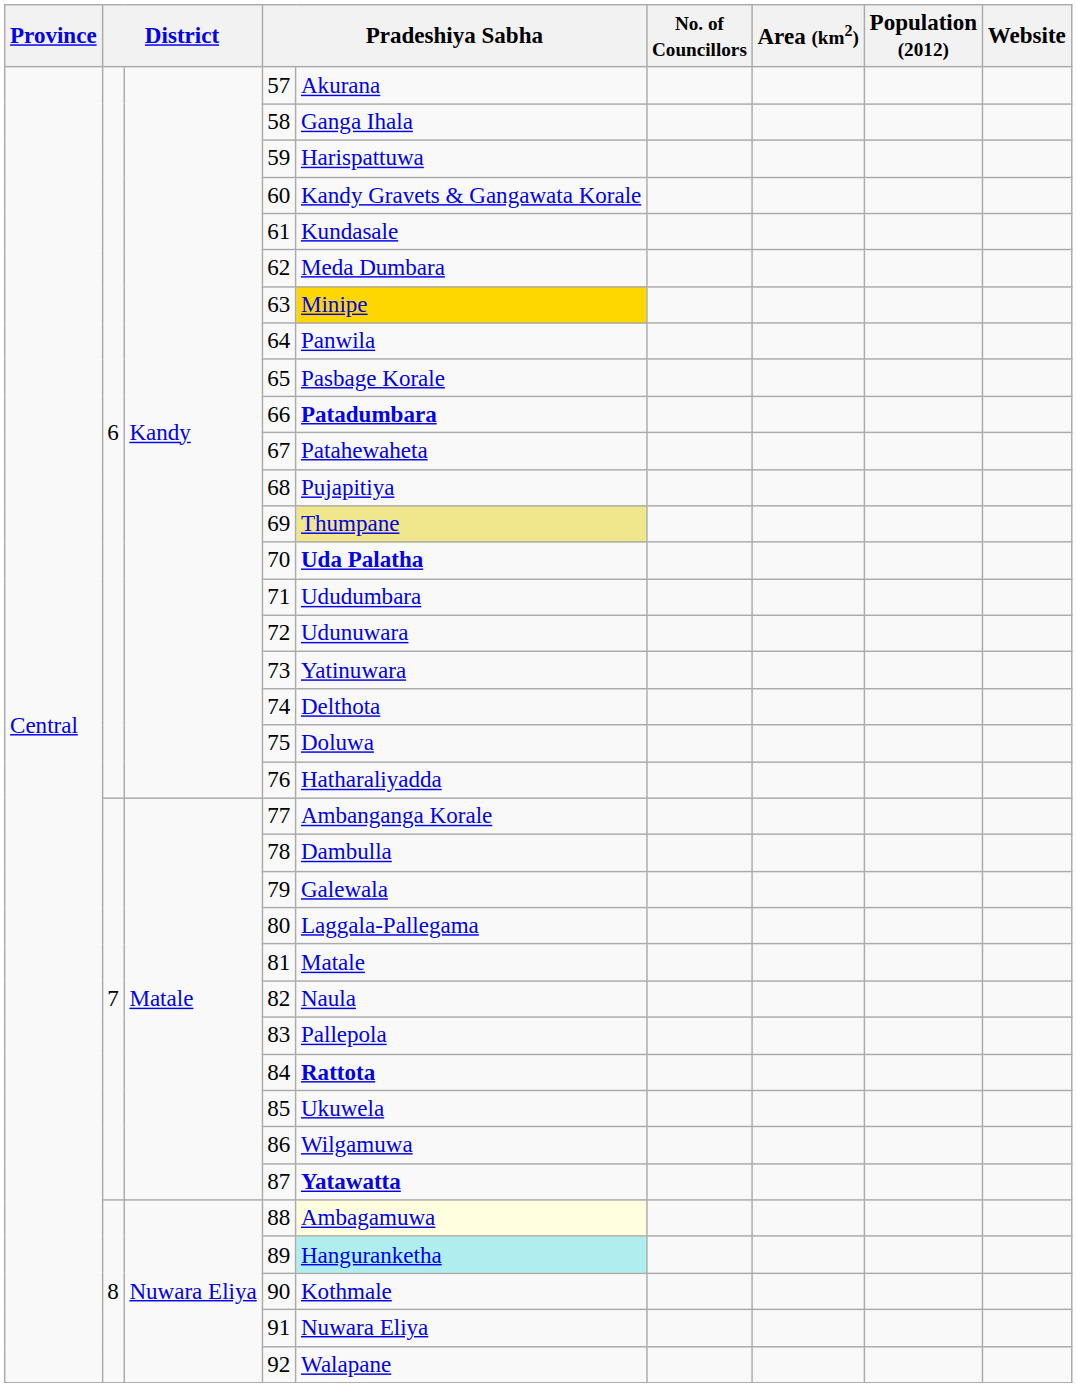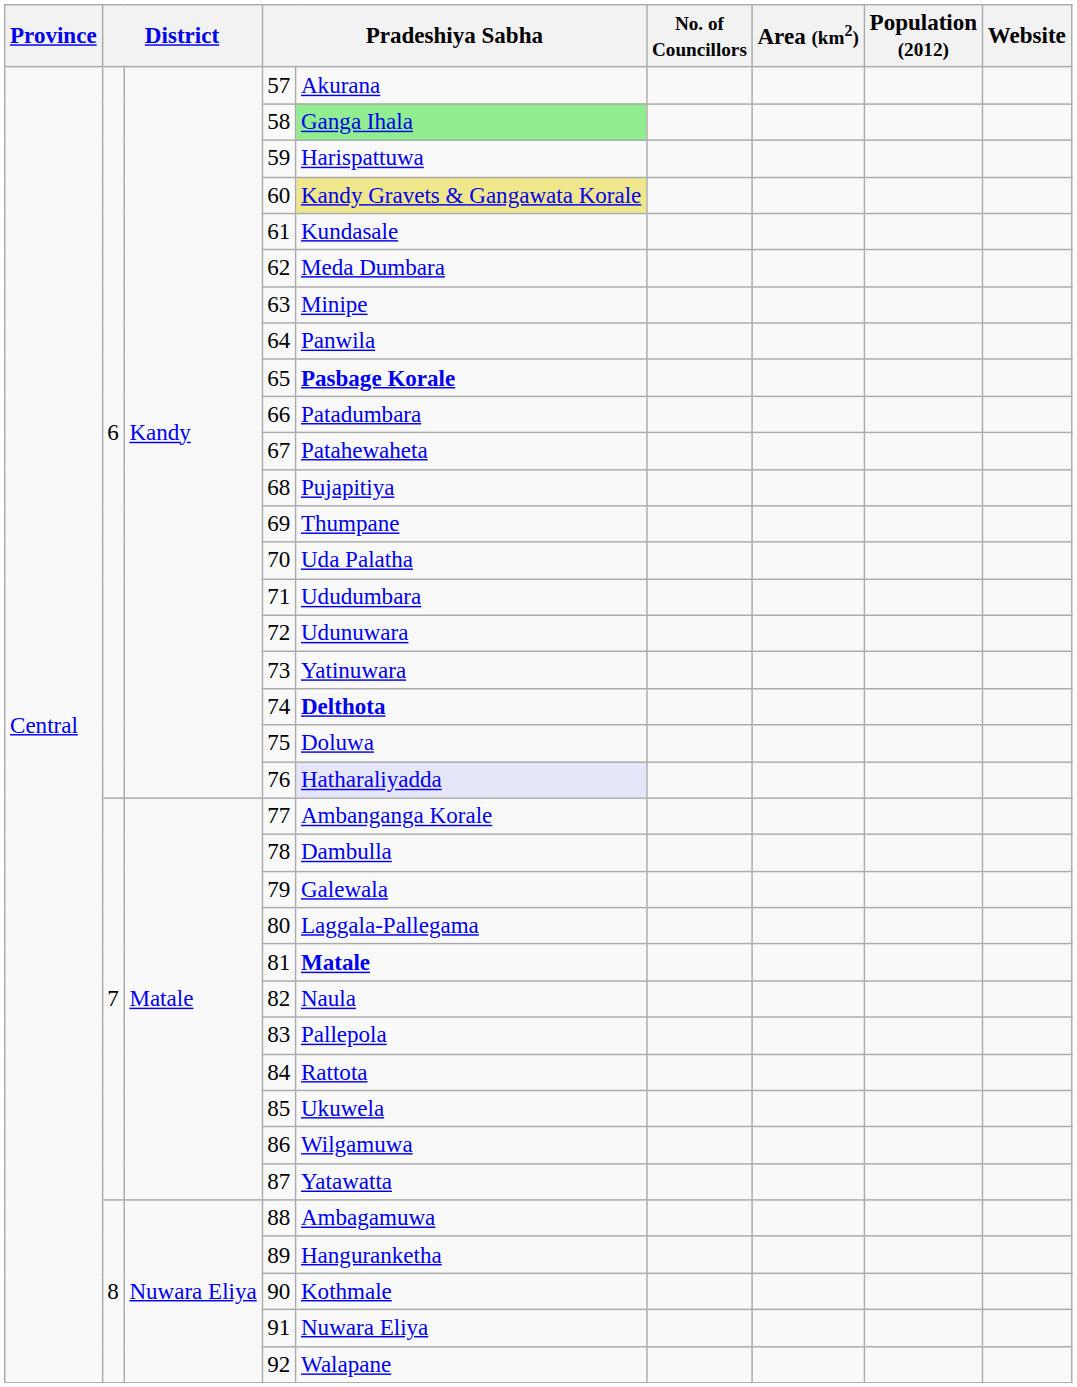 <table class="wikitable sortable">
 <tr>
 <th><a href='#'>Province</a></th>
 <th colspan="2"><a href='#'>District</a></th>
 <th colspan="2">Pradeshiya Sabha</th>
 <th><small>No. of<br>Councillors</small></th>
 <th>Area <small>(km<sup>2</sup>)</small><br></th>
 <th>Population<br><small>(2012)</small></th>
 <th>Website</th>
 </tr>
 <tr>
 <td rowspan="36"><a href='#'>Central</a></td>
 <td rowspan="20">6</td>
 <td rowspan="20"><a href='#'>Kandy</a></td>
 <td>57</td>
 <td><a href='#'>Akurana</a></td>
 <td></td>
 <td></td>
 <td></td>
 <td></td>
 </tr>
 <tr>
 <td>58</td>
-<td><a href='#'>Ganga Ihala</a></td>
+<td style="background: lightgreen;"><a href='#'>Ganga Ihala</a></td>
 <td></td>
 <td></td>
 <td></td>
 <td></td>
 </tr>
 <tr>
 <td>59</td>
 <td><a href='#'>Harispattuwa</a></td>
 <td></td>
 <td></td>
 <td></td>
 <td></td>
 </tr>
 <tr>
 <td>60</td>
-<td><a href='#'>Kandy Gravets & Gangawata Korale</a></td>
+<td style="background: khaki;"><a href='#'>Kandy Gravets & Gangawata Korale</a></td>
 <td></td>
 <td></td>
 <td></td>
 <td></td>
 </tr>
 <tr>
 <td>61</td>
 <td><a href='#'>Kundasale</a></td>
 <td></td>
 <td></td>
 <td></td>
 <td></td>
 </tr>
 <tr>
 <td>62</td>
 <td><a href='#'>Meda Dumbara</a></td>
 <td></td>
 <td></td>
 <td></td>
 <td></td>
 </tr>
 <tr>
 <td>63</td>
-<td style="background: gold;"><a href='#'>Minipe</a></td>
+<td><a href='#'>Minipe</a></td>
 <td></td>
 <td></td>
 <td></td>
 <td></td>
 </tr>
 <tr>
 <td>64</td>
 <td><a href='#'>Panwila</a></td>
 <td></td>
 <td></td>
 <td></td>
 <td></td>
 </tr>
 <tr>
 <td>65</td>
-<td><a href='#'>Pasbage Korale</a></td>
+<td><strong><a href='#'>Pasbage Korale</a></strong></td>
 <td></td>
 <td></td>
 <td></td>
 <td></td>
 </tr>
 <tr>
 <td>66</td>
-<td><strong><a href='#'>Patadumbara</a></strong></td>
+<td><a href='#'>Patadumbara</a></td>
 <td></td>
 <td></td>
 <td></td>
 <td></td>
 </tr>
 <tr>
 <td>67</td>
 <td><a href='#'>Patahewaheta</a></td>
 <td></td>
 <td></td>
 <td></td>
 <td></td>
 </tr>
 <tr>
 <td>68</td>
 <td><a href='#'>Pujapitiya</a></td>
 <td></td>
 <td></td>
 <td></td>
 <td></td>
 </tr>
 <tr>
 <td>69</td>
-<td style="background: khaki;"><a href='#'>Thumpane</a></td>
+<td><a href='#'>Thumpane</a></td>
 <td></td>
 <td></td>
 <td></td>
 <td></td>
 </tr>
 <tr>
 <td>70</td>
-<td><strong><a href='#'>Uda Palatha</a></strong></td>
+<td><a href='#'>Uda Palatha</a></td>
 <td></td>
 <td></td>
 <td></td>
 <td></td>
 </tr>
 <tr>
 <td>71</td>
 <td><a href='#'>Ududumbara</a></td>
 <td></td>
 <td></td>
 <td></td>
 <td></td>
 </tr>
 <tr>
 <td>72</td>
 <td><a href='#'>Udunuwara</a></td>
 <td></td>
 <td></td>
 <td></td>
 <td></td>
 </tr>
 <tr>
 <td>73</td>
 <td><a href='#'>Yatinuwara</a></td>
 <td></td>
 <td></td>
 <td></td>
 <td></td>
 </tr>
 <tr>
 <td>74</td>
-<td><a href='#'>Delthota</a></td>
+<td><strong><a href='#'>Delthota</a></strong></td>
 <td></td>
 <td></td>
 <td></td>
 <td></td>
 </tr>
 <tr>
 <td>75</td>
 <td><a href='#'>Doluwa</a></td>
 <td></td>
 <td></td>
 <td></td>
 <td></td>
 </tr>
 <tr>
 <td>76</td>
-<td><a href='#'>Hatharaliyadda</a></td>
+<td style="background: lavender;"><a href='#'>Hatharaliyadda</a></td>
 <td></td>
 <td></td>
 <td></td>
 <td></td>
 </tr>
 <tr>
 <td rowspan="11">7</td>
 <td rowspan="11"><a href='#'>Matale</a></td>
 <td>77</td>
 <td><a href='#'>Ambanganga Korale</a></td>
 <td></td>
 <td></td>
 <td></td>
 <td></td>
 </tr>
 <tr>
 <td>78</td>
 <td><a href='#'>Dambulla</a></td>
 <td></td>
 <td></td>
 <td></td>
 <td></td>
 </tr>
 <tr>
 <td>79</td>
 <td><a href='#'>Galewala</a></td>
 <td></td>
 <td></td>
 <td></td>
 <td></td>
 </tr>
 <tr>
 <td>80</td>
 <td><a href='#'>Laggala-Pallegama</a></td>
 <td></td>
 <td></td>
 <td></td>
 <td></td>
 </tr>
 <tr>
 <td>81</td>
-<td><a href='#'>Matale</a></td>
+<td><strong><a href='#'>Matale</a></strong></td>
 <td></td>
 <td></td>
 <td></td>
 <td></td>
 </tr>
 <tr>
 <td>82</td>
 <td><a href='#'>Naula</a></td>
 <td></td>
 <td></td>
 <td></td>
 <td></td>
 </tr>
 <tr>
 <td>83</td>
 <td><a href='#'>Pallepola</a></td>
 <td></td>
 <td></td>
 <td></td>
 <td></td>
 </tr>
 <tr>
 <td>84</td>
-<td><strong><a href='#'>Rattota</a></strong></td>
+<td><a href='#'>Rattota</a></td>
 <td></td>
 <td></td>
 <td></td>
 <td></td>
 </tr>
 <tr>
 <td>85</td>
 <td><a href='#'>Ukuwela</a></td>
 <td></td>
 <td></td>
 <td></td>
 <td></td>
 </tr>
 <tr>
 <td>86</td>
 <td><a href='#'>Wilgamuwa</a></td>
 <td></td>
 <td></td>
 <td></td>
 <td></td>
 </tr>
 <tr>
 <td>87</td>
-<td><strong><a href='#'>Yatawatta</a></strong></td>
+<td><a href='#'>Yatawatta</a></td>
 <td></td>
 <td></td>
 <td></td>
 <td></td>
 </tr>
 <tr>
 <td rowspan="5">8</td>
 <td rowspan="5"><a href='#'>Nuwara Eliya</a></td>
 <td>88</td>
-<td style="background: lightyellow;"><a href='#'>Ambagamuwa</a></td>
+<td><a href='#'>Ambagamuwa</a></td>
 <td></td>
 <td></td>
 <td></td>
 <td></td>
 </tr>
 <tr>
 <td>89</td>
-<td style="background: paleturquoise;"><a href='#'>Hanguranketha</a></td>
+<td><a href='#'>Hanguranketha</a></td>
 <td></td>
 <td></td>
 <td></td>
 <td></td>
 </tr>
 <tr>
 <td>90</td>
 <td><a href='#'>Kothmale</a></td>
 <td></td>
 <td></td>
 <td></td>
 <td></td>
 </tr>
 <tr>
 <td>91</td>
 <td><a href='#'>Nuwara Eliya</a></td>
 <td></td>
 <td></td>
 <td></td>
 <td></td>
 </tr>
 <tr>
 <td>92</td>
 <td><a href='#'>Walapane</a></td>
 <td></td>
 <td></td>
 <td></td>
 <td></td>
 </tr>
 </table>
